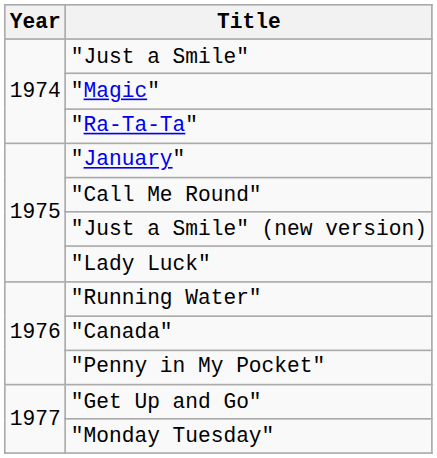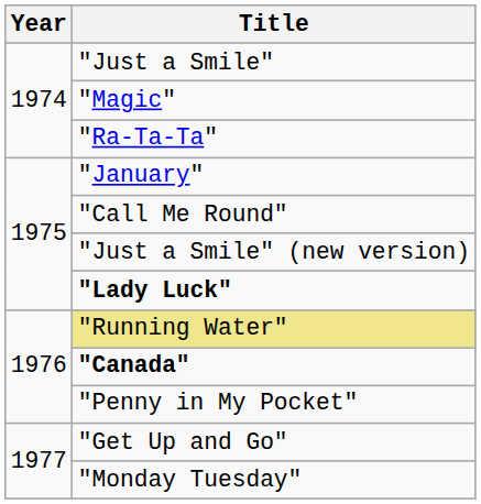 <table class="wikitable">
 <tr>
 <th>Year</th>
 <th>Title</th>
 </tr>
 <tr>
 <td rowspan="3">1974</td>
 <td>"Just a Smile"</td>
 </tr>
 <tr>
 <td>"<a href='#'>Magic</a>"</td>
 </tr>
 <tr>
 <td>"<a href='#'>Ra-Ta-Ta</a>"</td>
 </tr>
 <tr>
 <td rowspan="4">1975</td>
 <td>"<a href='#'>January</a>"</td>
 </tr>
 <tr>
 <td>"Call Me Round"</td>
 </tr>
 <tr>
 <td>"Just a Smile" (new version)</td>
 </tr>
 <tr>
-<td>"Lady Luck"</td>
+<td><strong>"Lady Luck"</strong></td>
 </tr>
 <tr>
 <td rowspan="3">1976</td>
-<td>"Running Water"</td>
+<td style="background: khaki;">"Running Water"</td>
 </tr>
 <tr>
-<td>"Canada"</td>
+<td><strong>"Canada"</strong></td>
 </tr>
 <tr>
 <td>"Penny in My Pocket"</td>
 </tr>
 <tr>
 <td rowspan="2">1977</td>
 <td>"Get Up and Go"</td>
 </tr>
 <tr>
 <td>"Monday Tuesday"</td>
 </tr>
 </table>
